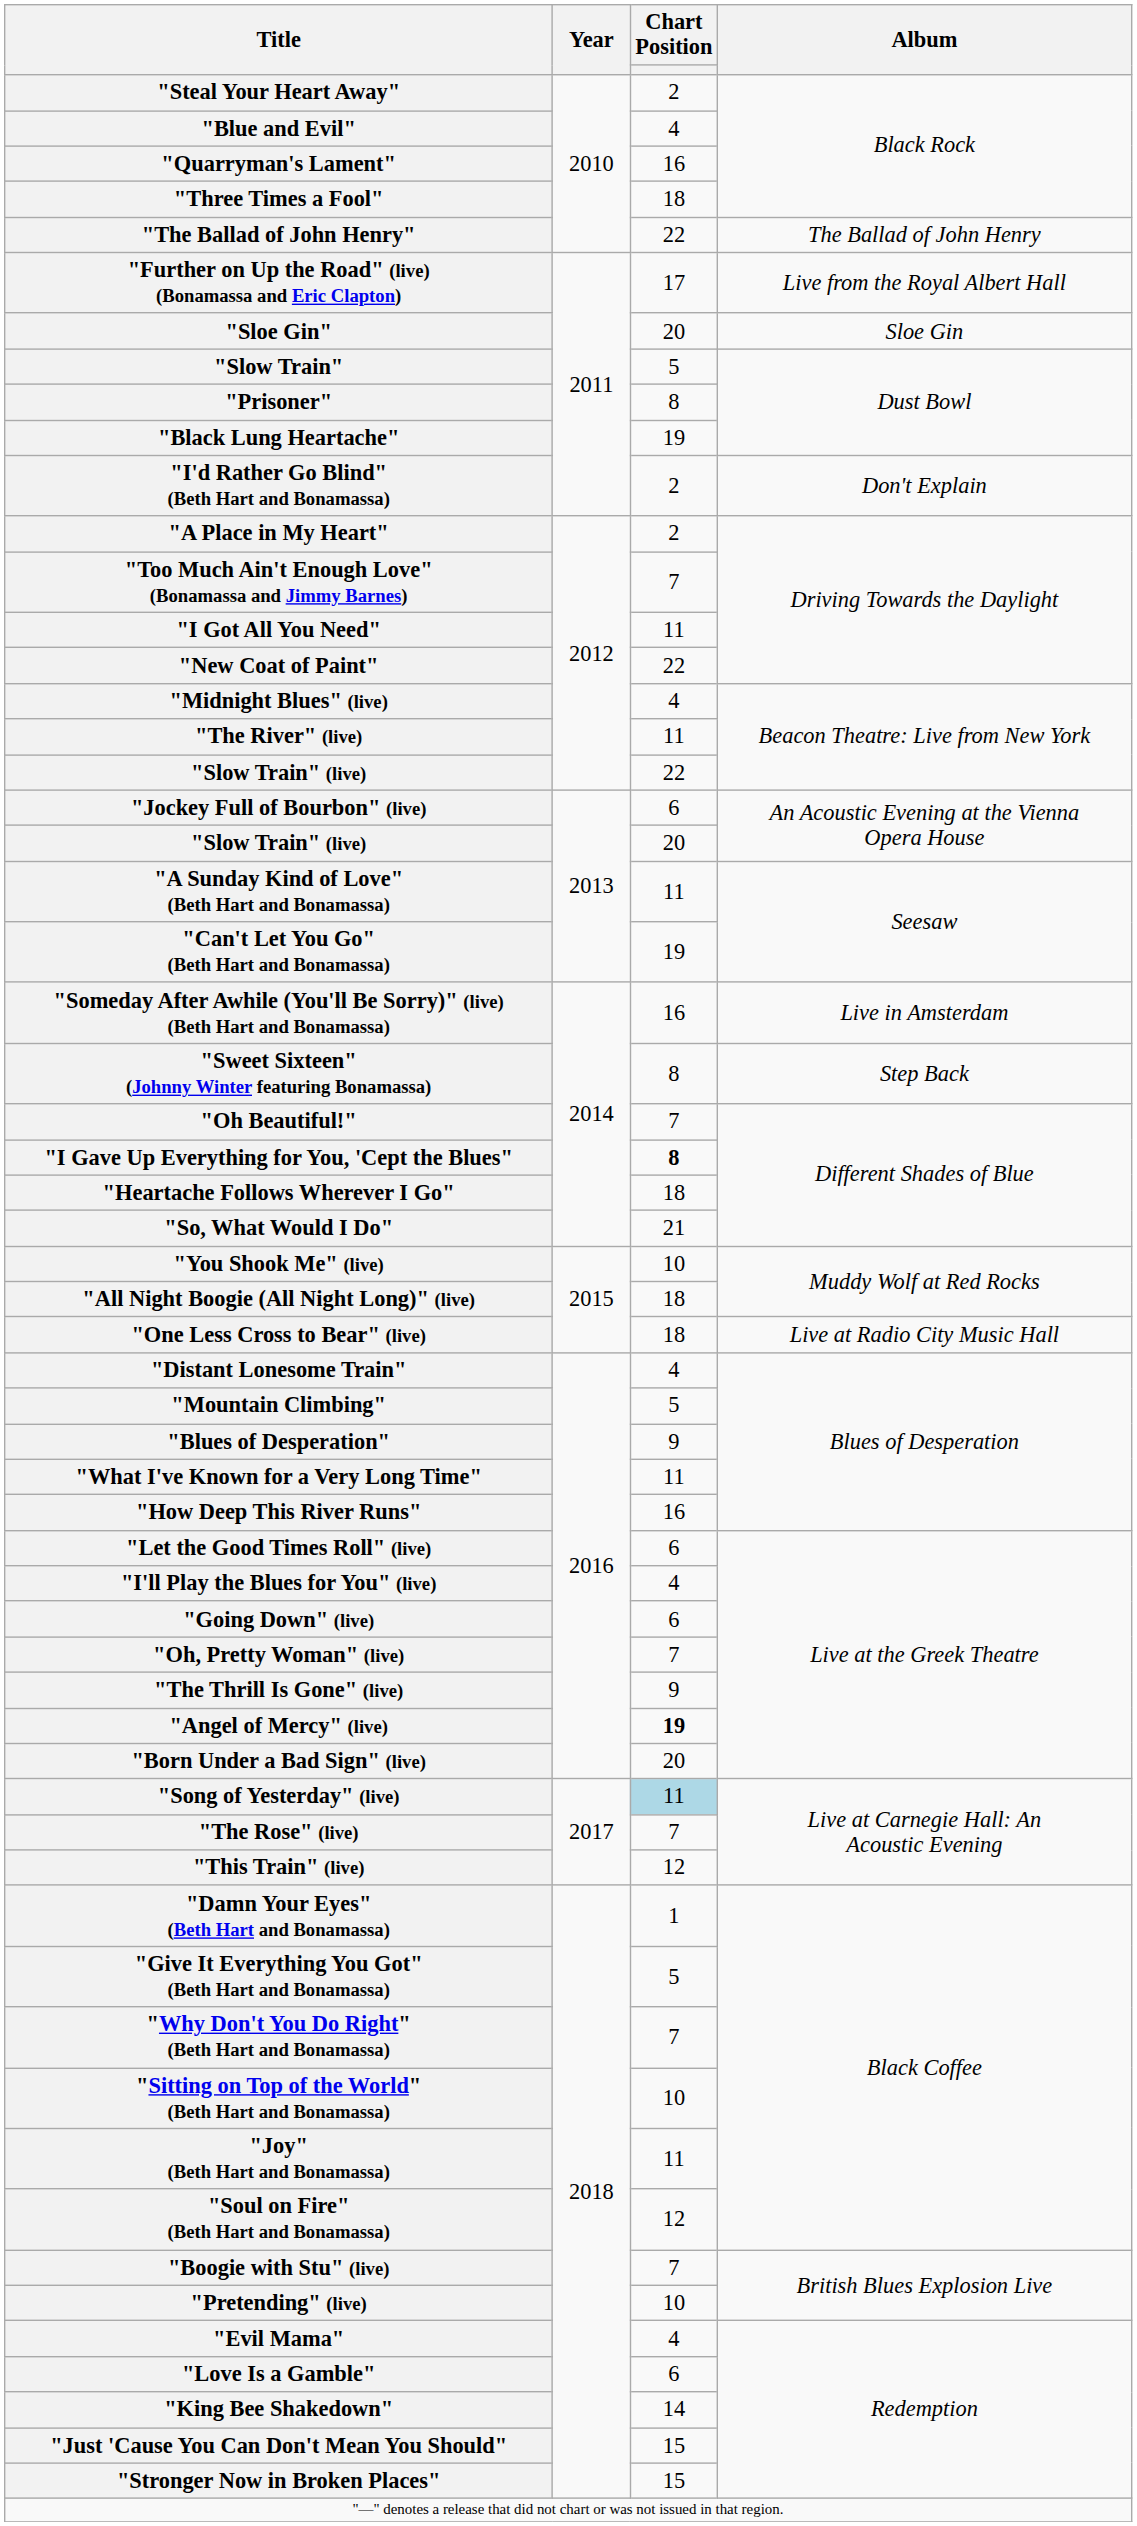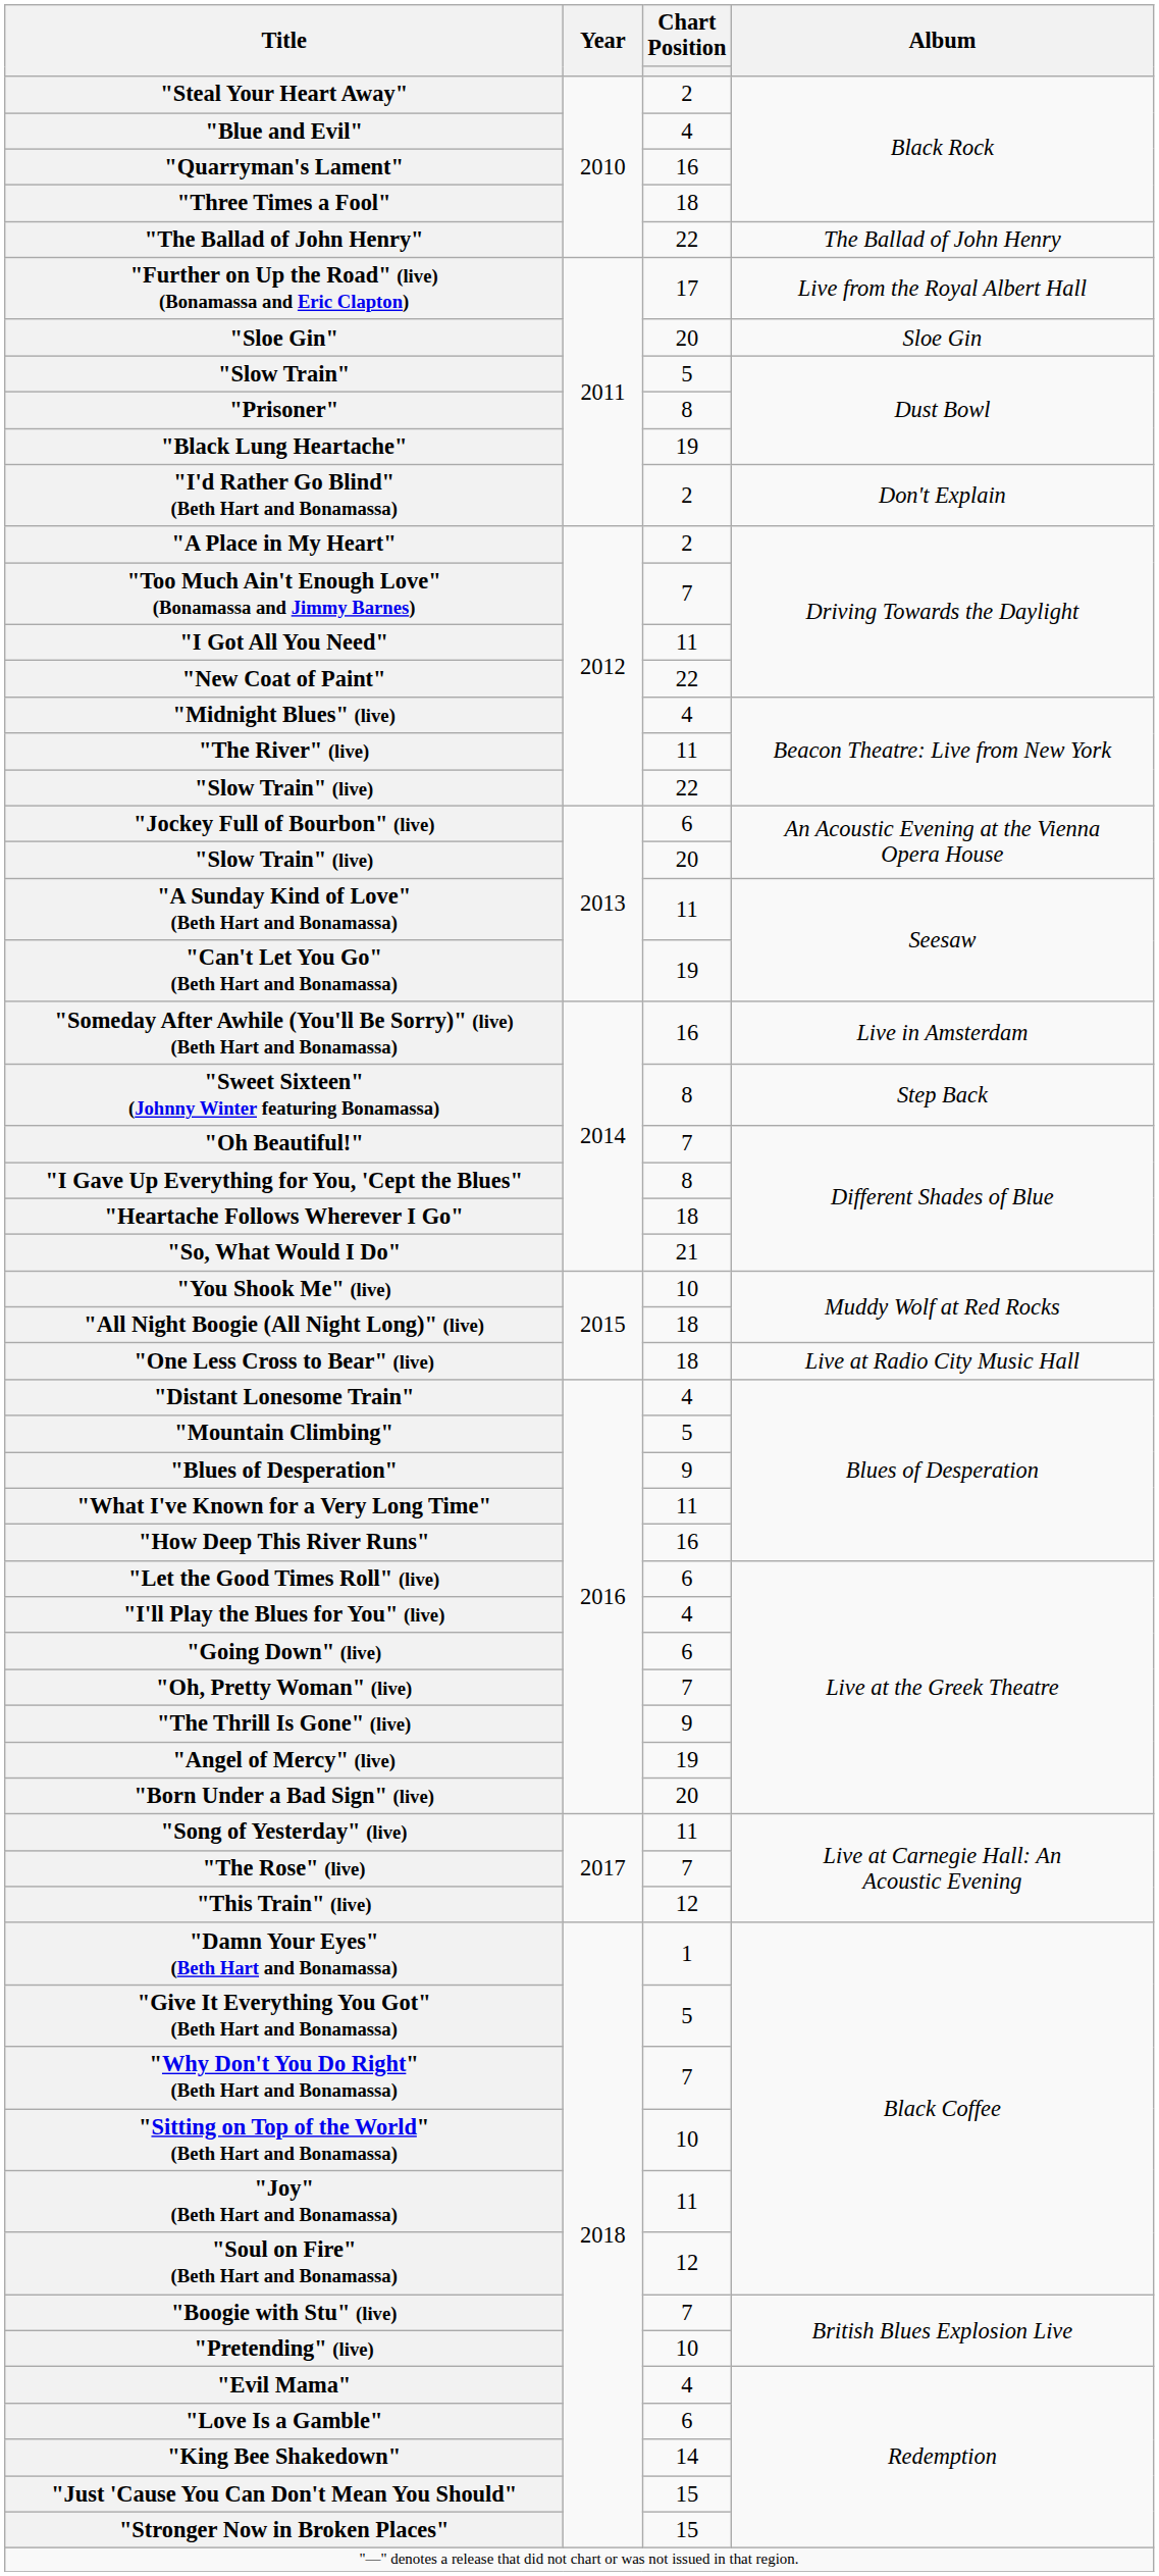 <table class="wikitable plainrowheaders" style="text-align:center;">
 <tr>
 <th scope="col" rowspan="2" style="width:24em;">Title</th>
 <th scope="col" rowspan="2" style="width:3em;">Year</th>
 <th scope="col" colspan="1">Chart Position</th>
 <th scope="col" rowspan="2" style="width:18em;">Album</th>
 </tr>
 <tr>
 <th scope="col" style="width:3em;font-size:90%;"></th>
 </tr>
 <tr>
 <th scope="row">"Steal Your Heart Away"</th>
 <td rowspan="5">2010</td>
 <td>2</td>
 <td rowspan="4"><em>Black Rock</em></td>
 </tr>
 <tr>
 <th scope="row">"Blue and Evil"</th>
 <td>4</td>
 </tr>
 <tr>
 <th scope="row">"Quarryman's Lament"</th>
 <td>16</td>
 </tr>
 <tr>
 <th scope="row">"Three Times a Fool"</th>
 <td>18</td>
 </tr>
 <tr>
 <th scope="row">"The Ballad of John Henry"</th>
 <td>22</td>
 <td><em>The Ballad of John Henry</em></td>
 </tr>
 <tr>
 <th scope="row">"Further on Up the Road" <small>(live)</small><br><small>(Bonamassa and <a href='#'>Eric Clapton</a>)</small></th>
 <td rowspan="6">2011</td>
 <td>17</td>
 <td><em>Live from the Royal Albert Hall</em></td>
 </tr>
 <tr>
 <th scope="row">"Sloe Gin"</th>
 <td>20</td>
 <td><em>Sloe Gin</em></td>
 </tr>
 <tr>
 <th scope="row">"Slow Train"</th>
 <td>5</td>
 <td rowspan="3"><em>Dust Bowl</em></td>
 </tr>
 <tr>
 <th scope="row">"Prisoner"</th>
 <td>8</td>
 </tr>
 <tr>
 <th scope="row">"Black Lung Heartache"</th>
 <td>19</td>
 </tr>
 <tr>
 <th scope="row">"I'd Rather Go Blind"<br><small>(Beth Hart and Bonamassa)</small></th>
 <td>2</td>
 <td><em>Don't Explain</em></td>
 </tr>
 <tr>
 <th scope="row">"A Place in My Heart"</th>
 <td rowspan="7">2012</td>
 <td>2</td>
 <td rowspan="4"><em>Driving Towards the Daylight</em></td>
 </tr>
 <tr>
 <th scope="row">"Too Much Ain't Enough Love"<br><small>(Bonamassa and <a href='#'>Jimmy Barnes</a>)</small></th>
 <td>7</td>
 </tr>
 <tr>
 <th scope="row">"I Got All You Need"</th>
 <td>11</td>
 </tr>
 <tr>
 <th scope="row">"New Coat of Paint"</th>
 <td>22</td>
 </tr>
 <tr>
 <th scope="row">"Midnight Blues" <small>(live)</small></th>
 <td>4</td>
 <td rowspan="3"><em>Beacon Theatre: Live from New York</em></td>
 </tr>
 <tr>
 <th scope="row">"The River" <small>(live)</small></th>
 <td>11</td>
 </tr>
 <tr>
 <th scope="row">"Slow Train" <small>(live)</small></th>
 <td>22</td>
 </tr>
 <tr>
 <th scope="row">"Jockey Full of Bourbon" <small>(live)</small></th>
 <td rowspan="4">2013</td>
 <td>6</td>
 <td rowspan="2"><em>An Acoustic Evening at the Vienna<br>Opera House</em></td>
 </tr>
 <tr>
 <th scope="row">"Slow Train" <small>(live)</small></th>
 <td>20</td>
 </tr>
 <tr>
 <th scope="row">"A Sunday Kind of Love"<br><small>(Beth Hart and Bonamassa)</small></th>
 <td>11</td>
 <td rowspan="2"><em>Seesaw</em></td>
 </tr>
 <tr>
 <th scope="row">"Can't Let You Go"<br><small>(Beth Hart and Bonamassa)</small></th>
 <td>19</td>
 </tr>
 <tr>
 <th scope="row">"Someday After Awhile (You'll Be Sorry)" <small>(live)</small><br><small>(Beth Hart and Bonamassa)</small></th>
 <td rowspan="6">2014</td>
 <td>16</td>
 <td><em>Live in Amsterdam</em></td>
 </tr>
 <tr>
 <th scope="row">"Sweet Sixteen"<br><small>(<a href='#'>Johnny Winter</a> featuring Bonamassa)</small></th>
 <td>8</td>
 <td><em>Step Back</em></td>
 </tr>
 <tr>
 <th scope="row">"Oh Beautiful!"</th>
 <td>7</td>
 <td rowspan="4"><em>Different Shades of Blue</em></td>
 </tr>
 <tr>
 <th scope="row">"I Gave Up Everything for You, 'Cept the Blues"</th>
-<td><strong>8</strong></td>
+<td>8</td>
 </tr>
 <tr>
 <th scope="row">"Heartache Follows Wherever I Go"</th>
 <td>18</td>
 </tr>
 <tr>
 <th scope="row">"So, What Would I Do"</th>
 <td>21</td>
 </tr>
 <tr>
 <th scope="row">"You Shook Me" <small>(live)</small></th>
 <td rowspan="3">2015</td>
 <td>10</td>
 <td rowspan="2"><em>Muddy Wolf at Red Rocks</em></td>
 </tr>
 <tr>
 <th scope="row">"All Night Boogie (All Night Long)" <small>(live)</small></th>
 <td>18</td>
 </tr>
 <tr>
 <th scope="row">"One Less Cross to Bear" <small>(live)</small></th>
 <td>18</td>
 <td><em>Live at Radio City Music Hall</em></td>
 </tr>
 <tr>
 <th scope="row">"Distant Lonesome Train"</th>
 <td rowspan="12">2016</td>
 <td>4</td>
 <td rowspan="5"><em>Blues of Desperation</em></td>
 </tr>
 <tr>
 <th scope="row">"Mountain Climbing"</th>
 <td>5</td>
 </tr>
 <tr>
 <th scope="row">"Blues of Desperation"</th>
 <td>9</td>
 </tr>
 <tr>
 <th scope="row">"What I've Known for a Very Long Time"</th>
 <td>11</td>
 </tr>
 <tr>
 <th scope="row">"How Deep This River Runs"</th>
 <td>16</td>
 </tr>
 <tr>
 <th scope="row">"Let the Good Times Roll" <small>(live)</small></th>
 <td>6</td>
 <td rowspan="7"><em>Live at the Greek Theatre</em></td>
 </tr>
 <tr>
 <th scope="row">"I'll Play the Blues for You" <small>(live)</small></th>
 <td>4</td>
 </tr>
 <tr>
 <th scope="row">"Going Down" <small>(live)</small></th>
 <td>6</td>
 </tr>
 <tr>
 <th scope="row">"Oh, Pretty Woman" <small>(live)</small></th>
 <td>7</td>
 </tr>
 <tr>
 <th scope="row">"The Thrill Is Gone" <small>(live)</small></th>
 <td>9</td>
 </tr>
 <tr>
 <th scope="row">"Angel of Mercy" <small>(live)</small></th>
-<td><strong>19</strong></td>
+<td>19</td>
 </tr>
 <tr>
 <th scope="row">"Born Under a Bad Sign" <small>(live)</small></th>
 <td>20</td>
 </tr>
 <tr>
 <th scope="row">"Song of Yesterday" <small>(live)</small></th>
 <td rowspan="3">2017</td>
-<td style="background: lightblue;">11</td>
+<td>11</td>
 <td rowspan="3"><em>Live at Carnegie Hall: An<br>Acoustic Evening</em></td>
 </tr>
 <tr>
 <th scope="row">"The Rose" <small>(live)</small></th>
 <td>7</td>
 </tr>
 <tr>
 <th scope="row">"This Train" <small>(live)</small></th>
 <td>12</td>
 </tr>
 <tr>
 <th scope="row">"Damn Your Eyes"<br><small>(<a href='#'>Beth Hart</a> and Bonamassa)</small></th>
 <td rowspan="13">2018</td>
 <td>1</td>
 <td rowspan="6"><em>Black Coffee</em></td>
 </tr>
 <tr>
 <th scope="row">"Give It Everything You Got"<br><small>(Beth Hart and Bonamassa)</small></th>
 <td>5</td>
 </tr>
 <tr>
 <th scope="row">"<a href='#'>Why Don't You Do Right</a>"<br><small>(Beth Hart and Bonamassa)</small></th>
 <td>7</td>
 </tr>
 <tr>
 <th scope="row">"<a href='#'>Sitting on Top of the World</a>"<br><small>(Beth Hart and Bonamassa)</small></th>
 <td>10</td>
 </tr>
 <tr>
 <th scope="row">"Joy"<br><small>(Beth Hart and Bonamassa)</small></th>
 <td>11</td>
 </tr>
 <tr>
 <th scope="row">"Soul on Fire"<br><small>(Beth Hart and Bonamassa)</small></th>
 <td>12</td>
 </tr>
 <tr>
 <th scope="row">"Boogie with Stu" <small>(live)</small></th>
 <td>7</td>
 <td rowspan="2"><em>British Blues Explosion Live</em></td>
 </tr>
 <tr>
 <th scope="row">"Pretending" <small>(live)</small></th>
 <td>10</td>
 </tr>
 <tr>
 <th scope="row">"Evil Mama"</th>
 <td>4</td>
 <td rowspan="5"><em>Redemption</em></td>
 </tr>
 <tr>
 <th scope="row">"Love Is a Gamble"</th>
 <td>6</td>
 </tr>
 <tr>
 <th scope="row">"King Bee Shakedown"</th>
 <td>14</td>
 </tr>
 <tr>
 <th scope="row">"Just 'Cause You Can Don't Mean You Should"</th>
 <td>15</td>
 </tr>
 <tr>
 <th scope="row">"Stronger Now in Broken Places"</th>
 <td>15</td>
 </tr>
 <tr>
 <td align="center" colspan="4" style="font-size: 8pt">"—" denotes a release that did not chart or was not issued in that region.</td>
 </tr>
 </table>
